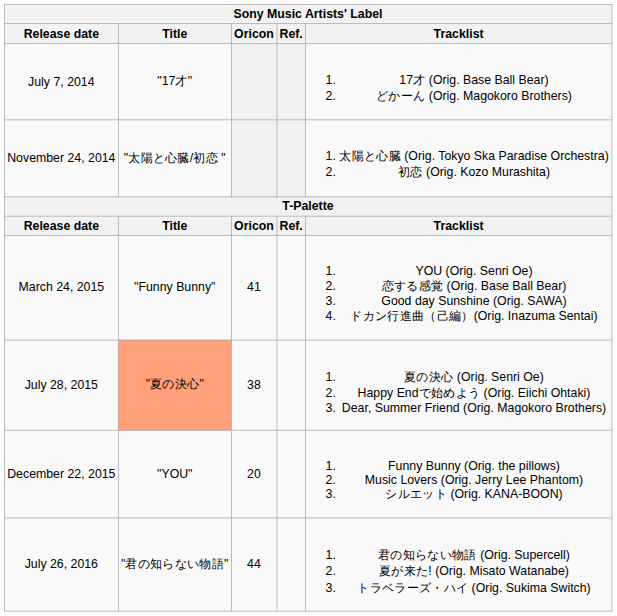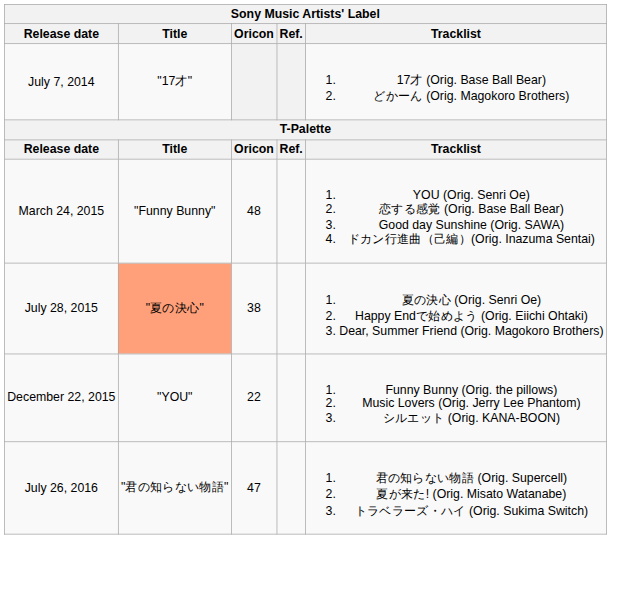 <table class="wikitable plainrowheaders" style="text-align: center">
 <tr>
 <th colspan="5">Sony Music Artists' Label</th>
 </tr>
 <tr>
 <th>Release date</th>
 <th>Title</th>
 <th>Oricon</th>
 <th>Ref.</th>
 <th>Tracklist</th>
 </tr>
 <tr>
 <td>July 7, 2014</td>
 <td>"17才"</td>
 <th></th>
 <th></th>
 <td><br><ol><li>17才 (Orig. Base Ball Bear)</li><li>どかーん (Orig. Magokoro Brothers)</li></ol></td>
 </tr>
 <tr>
-<td>November 24, 2014</td>
-<td>"太陽と心臓/初恋 "</td>
-<th></th>
-<th></th>
-<td><br><ol><li>太陽と心臓 (Orig. Tokyo Ska Paradise Orchestra)</li><li>初恋 (Orig. Kozo Murashita)</li></ol></td>
-</tr>
-<tr>
 <th colspan="5">T-Palette</th>
 </tr>
 <tr>
 <th>Release date</th>
 <th>Title</th>
 <th>Oricon</th>
 <th>Ref.</th>
 <th>Tracklist</th>
 </tr>
 <tr>
 <td>March 24, 2015</td>
 <td>"Funny Bunny"</td>
-<td>41</td>
+<td>48</td>
 <td></td>
 <td><br><ol><li>YOU (Orig. Senri Oe)</li><li>恋する感覚 (Orig. Base Ball Bear)</li><li>Good day Sunshine (Orig. SAWA)</li><li>ドカン行進曲（己編）(Orig. Inazuma Sentai)</li></ol></td>
 </tr>
 <tr>
 <td>July 28, 2015</td>
 <td style="background: lightsalmon;">"夏の決心"</td>
 <td>38</td>
 <td></td>
 <td><br><ol><li>夏の決心 (Orig. Senri Oe)</li><li>Happy Endで始めよう (Orig. Eiichi Ohtaki)</li><li>Dear, Summer Friend (Orig. Magokoro Brothers)</li></ol></td>
 </tr>
 <tr>
 <td>December 22, 2015</td>
 <td>"YOU"</td>
-<td>20</td>
+<td>22</td>
 <td></td>
 <td><br><ol><li>Funny Bunny (Orig. the pillows)</li><li>Music Lovers (Orig. Jerry Lee Phantom)</li><li>シルエット (Orig. KANA-BOON)</li></ol></td>
 </tr>
 <tr>
 <td>July 26, 2016</td>
 <td>"君の知らない物語"</td>
-<td>44</td>
+<td>47</td>
 <td></td>
 <td><br><ol><li>君の知らない物語 (Orig. Supercell)</li><li>夏が来た! (Orig. Misato Watanabe)</li><li>トラベラーズ・ハイ (Orig. Sukima Switch)</li></ol></td>
 </tr>
 </table>
